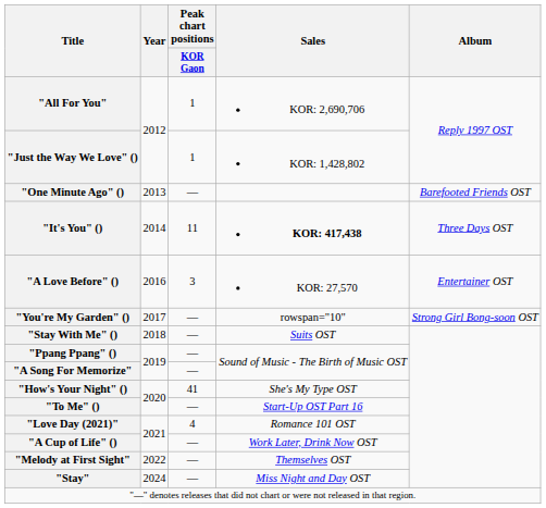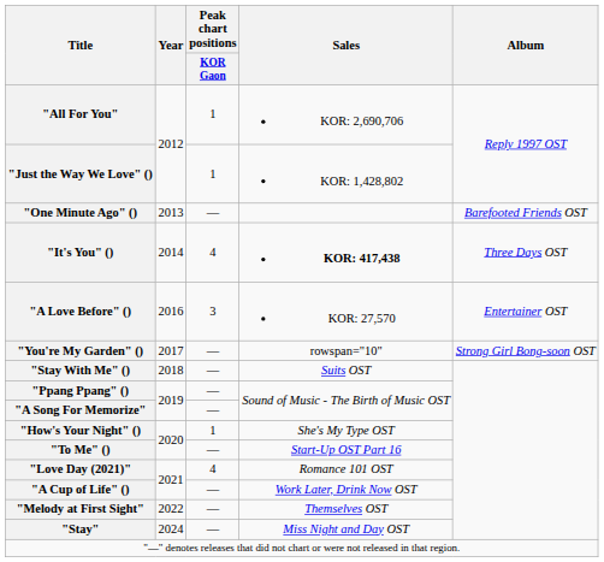 <table class="wikitable plainrowheaders" style="text-align:center">
 <tr>
 <th scope="col" rowspan="2">Title</th>
 <th scope="col" rowspan="2">Year</th>
 <th scope="col">Peak chart positions</th>
 <th scope="col" rowspan="2">Sales</th>
 <th scope="col" rowspan="2">Album</th>
 </tr>
 <tr>
 <th scope="col" style="font-size:90%; width:2.5em"><a href='#'>KOR<br>Gaon</a><br></th>
 </tr>
 <tr>
 <th scope="row">"All For You"<br></th>
 <td rowspan="2">2012</td>
 <td>1</td>
 <td><br><ul><li>KOR: 2,690,706</li></ul></td>
 <td rowspan="2"><em><a href='#'>Reply 1997 OST</a></em></td>
 </tr>
 <tr>
 <th scope="row">"Just the Way We Love" ()<br></th>
 <td>1</td>
 <td><br><ul><li>KOR: 1,428,802</li></ul></td>
 </tr>
 <tr>
 <th scope="row">"One Minute Ago" ()<br></th>
 <td>2013</td>
 <td>—</td>
 <td></td>
 <td><em><a href='#'>Barefooted Friends</a> OST</em></td>
 </tr>
 <tr>
 <th scope="row">"It's You" ()</th>
 <td>2014</td>
-<td>11</td>
+<td>4</td>
 <td><strong><br><ul><li>KOR: 417,438</li></ul></strong></td>
 <td><em><a href='#'>Three Days</a> OST</em></td>
 </tr>
 <tr>
 <th scope="row">"A Love Before" ()</th>
 <td>2016</td>
 <td>3</td>
 <td><br><ul><li>KOR: 27,570</li></ul></td>
 <td><em><a href='#'>Entertainer</a> OST</em></td>
 </tr>
 <tr>
 <th scope="row">"You're My Garden" ()</th>
 <td>2017</td>
 <td>—</td>
 <td>rowspan="10" </td>
 <td><em><a href='#'>Strong Girl Bong-soon</a> OST</em></td>
 </tr>
 <tr>
 <th scope="row">"Stay With Me" ()</th>
 <td>2018</td>
 <td>—</td>
 <td><em><a href='#'>Suits</a> OST</em></td>
 </tr>
 <tr>
 <th scope="row">"Ppang Ppang" ()<br></th>
 <td rowspan="2">2019</td>
 <td>—</td>
 <td rowspan="2"><em>Sound of Music - The Birth of Music OST</em></td>
 </tr>
 <tr>
 <th scope="row">"A Song For Memorize"<br></th>
 <td>—</td>
 </tr>
 <tr>
 <th scope="row">"How's Your Night" ()</th>
 <td rowspan="2">2020</td>
-<td>41</td>
+<td>1</td>
 <td><em>She's My Type OST</em></td>
 </tr>
 <tr>
 <th scope="row">"To Me" ()</th>
 <td>—</td>
 <td><em><a href='#'>Start-Up OST Part 16</a></em></td>
 </tr>
 <tr>
 <th scope="row">"Love Day (2021)"<br></th>
 <td rowspan="2">2021</td>
 <td>4</td>
 <td><em>Romance 101 OST</em></td>
 </tr>
 <tr>
 <th scope="row">"A Cup of Life" ()</th>
 <td>—</td>
 <td><em><a href='#'>Work Later, Drink Now</a> OST</em></td>
 </tr>
 <tr>
 <th scope="row">"Melody at First Sight"</th>
 <td>2022</td>
 <td>—</td>
 <td><em><a href='#'>Themselves</a> OST</em></td>
 </tr>
 <tr>
 <th scope="row">"Stay"</th>
 <td>2024</td>
 <td>—</td>
 <td><em><a href='#'>Miss Night and Day</a> OST</em></td>
 </tr>
 <tr>
 <td colspan="5" style="font-size:85%">"—" denotes releases that did not chart or were not released in that region.</td>
 </tr>
 </table>
